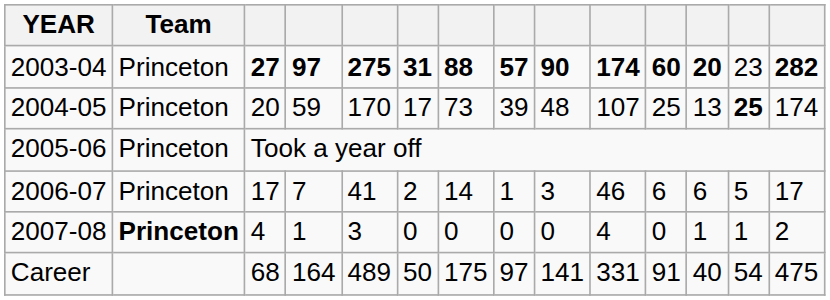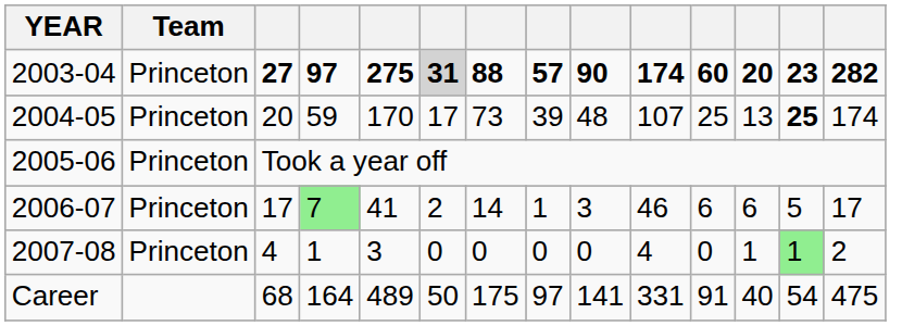 <table class="wikitable">
 <tr>
 <th>YEAR</th>
 <th>Team</th>
 <th></th>
 <th></th>
 <th></th>
 <th></th>
 <th></th>
 <th></th>
 <th></th>
 <th></th>
 <th></th>
 <th></th>
 <th></th>
 <th></th>
 </tr>
 <tr>
 <td>2003-04</td>
 <td>Princeton</td>
 <td><strong>27</strong></td>
 <td><strong>97</strong></td>
 <td><strong>275</strong></td>
-<td><strong>31</strong></td>
+<td style="background: lightgrey;"><strong>31</strong></td>
 <td><strong>88</strong></td>
 <td><strong>57</strong></td>
 <td><strong>90</strong></td>
 <td><strong>174</strong></td>
 <td><strong>60</strong></td>
 <td><strong>20</strong></td>
-<td>23</td>
+<td><strong>23</strong></td>
 <td><strong>282</strong></td>
 </tr>
 <tr>
 <td>2004-05</td>
 <td>Princeton</td>
 <td>20</td>
 <td>59</td>
 <td>170</td>
 <td>17</td>
 <td>73</td>
 <td>39</td>
 <td>48</td>
 <td>107</td>
 <td>25</td>
 <td>13</td>
 <td><strong>25</strong></td>
 <td>174</td>
 </tr>
 <tr>
 <td>2005-06</td>
 <td>Princeton</td>
 <td colspan="12">Took a year off</td>
 </tr>
 <tr>
 <td>2006-07</td>
 <td>Princeton</td>
 <td>17</td>
-<td>7</td>
+<td style="background: lightgreen;">7</td>
 <td>41</td>
 <td>2</td>
 <td>14</td>
 <td>1</td>
 <td>3</td>
 <td>46</td>
 <td>6</td>
 <td>6</td>
 <td>5</td>
 <td>17</td>
 </tr>
 <tr>
 <td>2007-08</td>
-<td><strong>Princeton</strong></td>
+<td>Princeton</td>
 <td>4</td>
 <td>1</td>
 <td>3</td>
 <td>0</td>
 <td>0</td>
 <td>0</td>
 <td>0</td>
 <td>4</td>
 <td>0</td>
 <td>1</td>
-<td>1</td>
+<td style="background: lightgreen;">1</td>
 <td>2</td>
 </tr>
 <tr>
 <td>Career</td>
 <td></td>
 <td>68</td>
 <td>164</td>
 <td>489</td>
 <td>50</td>
 <td>175</td>
 <td>97</td>
 <td>141</td>
 <td>331</td>
 <td>91</td>
 <td>40</td>
 <td>54</td>
 <td>475</td>
 </tr>
 </table>
